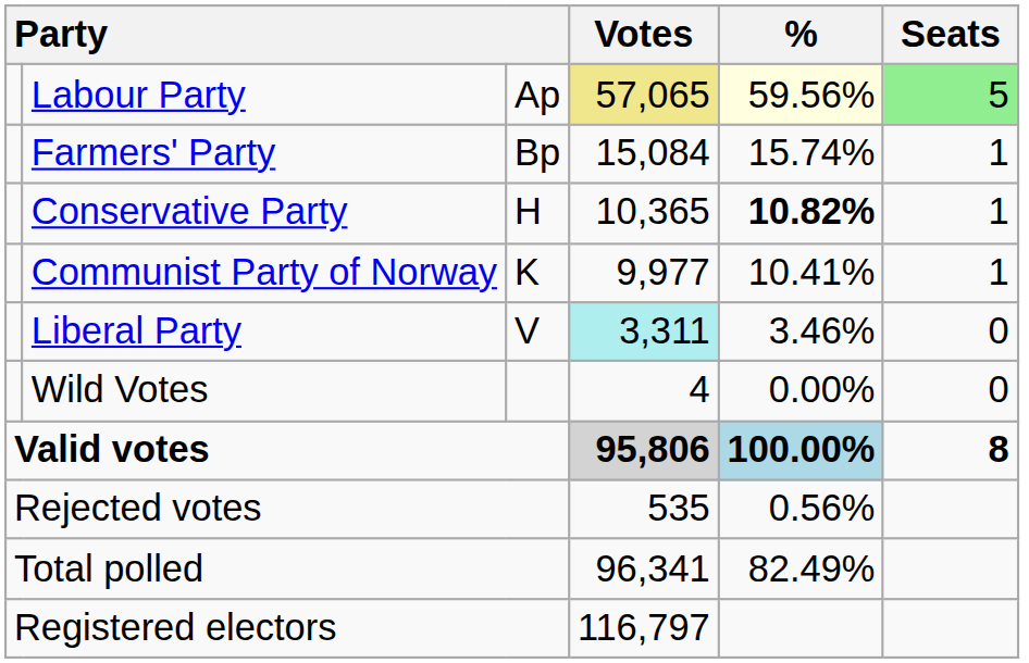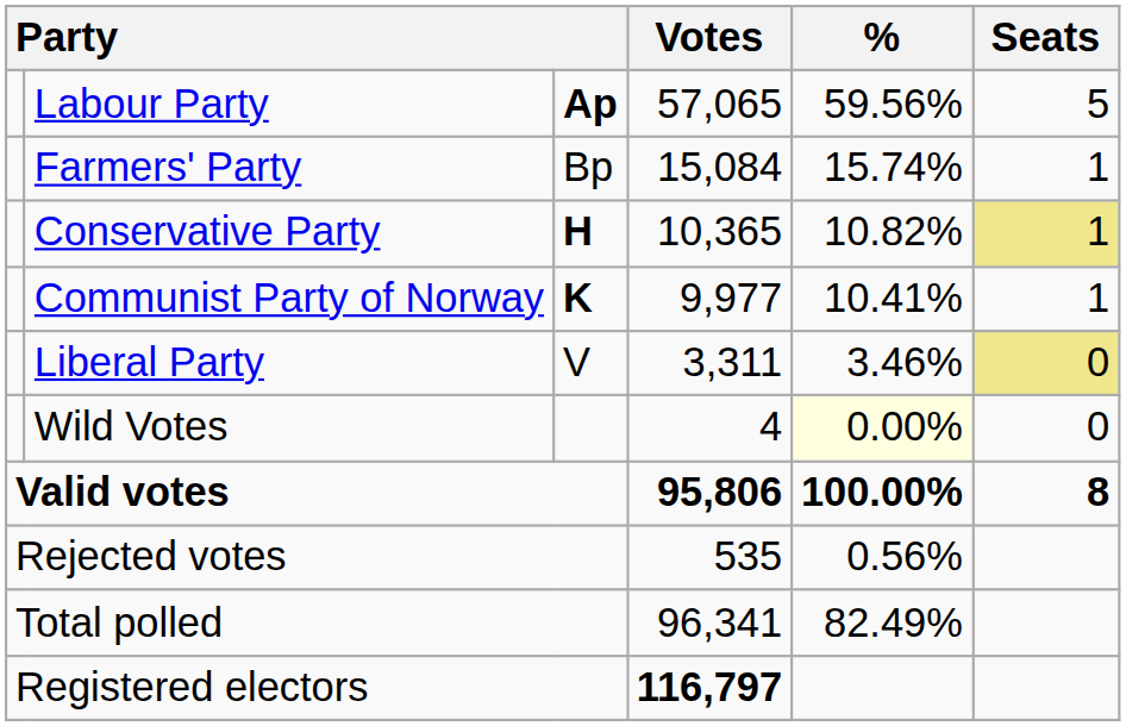 <table class="wikitable" border="1" style="text-align:right;">
 <tr>
 <th style="text-align:left;" colspan=3>Party</th>
 <th align=center width="50">Votes</th>
 <th align=center width="50">%</th>
 <th align=center width="50">Seats</th>
 </tr>
 <tr>
 <td style="color:inherit;background:"></td>
 <td align=left><a href='#'>Labour Party</a></td>
-<td align=left>Ap</td>
-<td style="background: khaki;">57,065</td>
-<td style="background: lightyellow;">59.56%</td>
-<td style="background: lightgreen;">5</td>
+<td align=left><strong>Ap</strong></td>
+<td>57,065</td>
+<td>59.56%</td>
+<td>5</td>
 </tr>
 <tr>
 <td style="color:inherit;background:"></td>
 <td align=left><a href='#'>Farmers' Party</a></td>
 <td align=left>Bp</td>
 <td>15,084</td>
 <td>15.74%</td>
 <td>1</td>
 </tr>
 <tr>
 <td style="color:inherit;background:"></td>
 <td align=left><a href='#'>Conservative Party</a></td>
-<td align=left>H</td>
+<td align=left><strong>H</strong></td>
 <td>10,365</td>
-<td><strong>10.82%</strong></td>
-<td>1</td>
+<td>10.82%</td>
+<td style="background: khaki;">1</td>
 </tr>
 <tr>
 <td style="color:inherit;background:"></td>
 <td align=left><a href='#'>Communist Party of Norway</a></td>
-<td align=left>K</td>
+<td align=left><strong>K</strong></td>
 <td>9,977</td>
 <td>10.41%</td>
 <td>1</td>
 </tr>
 <tr>
 <td style="color:inherit;background:"></td>
 <td align=left><a href='#'>Liberal Party</a></td>
 <td align=left>V</td>
-<td style="background: paleturquoise;">3,311</td>
+<td>3,311</td>
 <td>3.46%</td>
-<td>0</td>
+<td style="background: khaki;">0</td>
 </tr>
 <tr>
 <td></td>
 <td align=left>Wild Votes</td>
 <td align=left></td>
 <td>4</td>
-<td>0.00%</td>
+<td style="background: lightyellow;">0.00%</td>
 <td>0</td>
 </tr>
 <tr style="font-weight:bold">
 <td align=left colspan=3>Valid votes</td>
-<td style="background: lightgrey;">95,806</td>
-<td style="background: lightblue;">100.00%</td>
+<td>95,806</td>
+<td>100.00%</td>
 <td>8</td>
 </tr>
 <tr>
 <td align=left colspan=3>Rejected votes</td>
 <td>535</td>
 <td>0.56%</td>
 <td></td>
 </tr>
 <tr>
 <td align=left colspan=3>Total polled</td>
 <td>96,341</td>
 <td>82.49%</td>
 <td></td>
 </tr>
 <tr>
 <td align=left colspan=3>Registered electors</td>
-<td>116,797</td>
+<td><strong>116,797</strong></td>
 <td></td>
 <td></td>
 </tr>
 </table>
